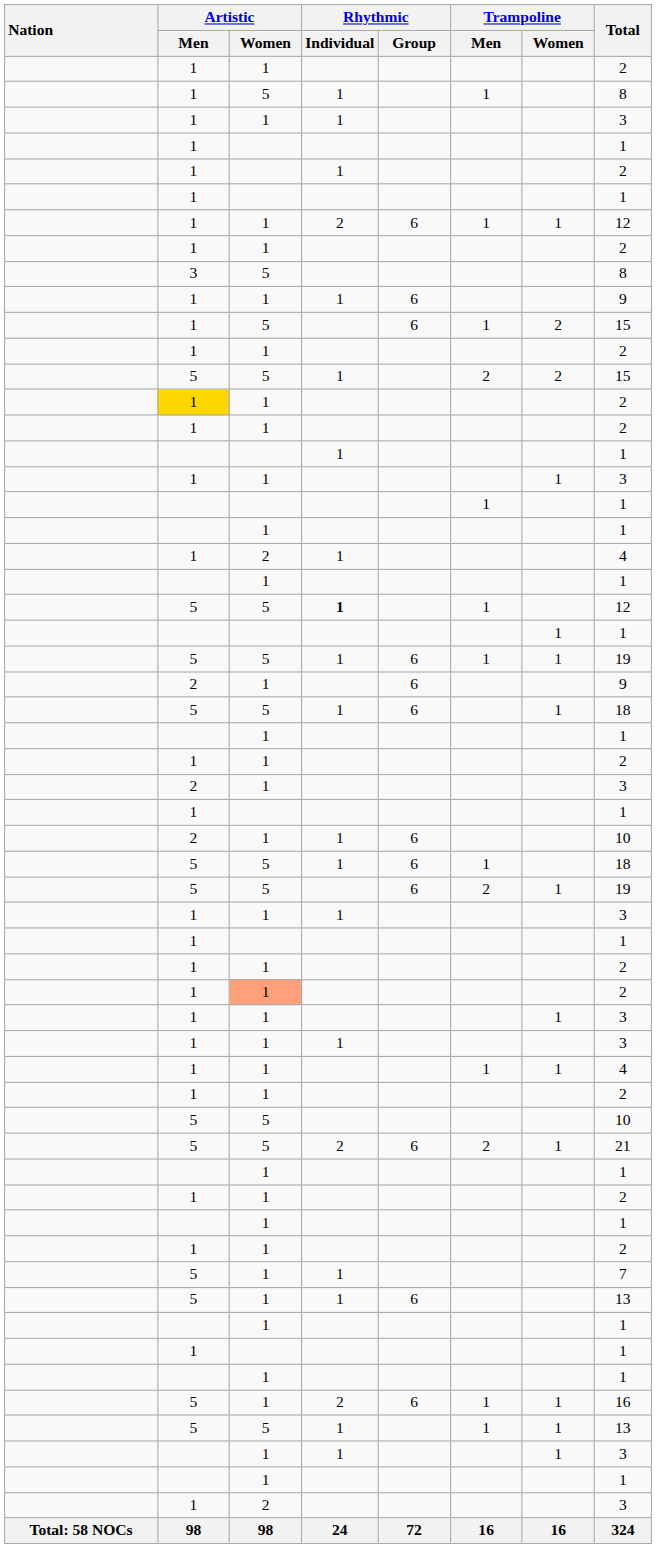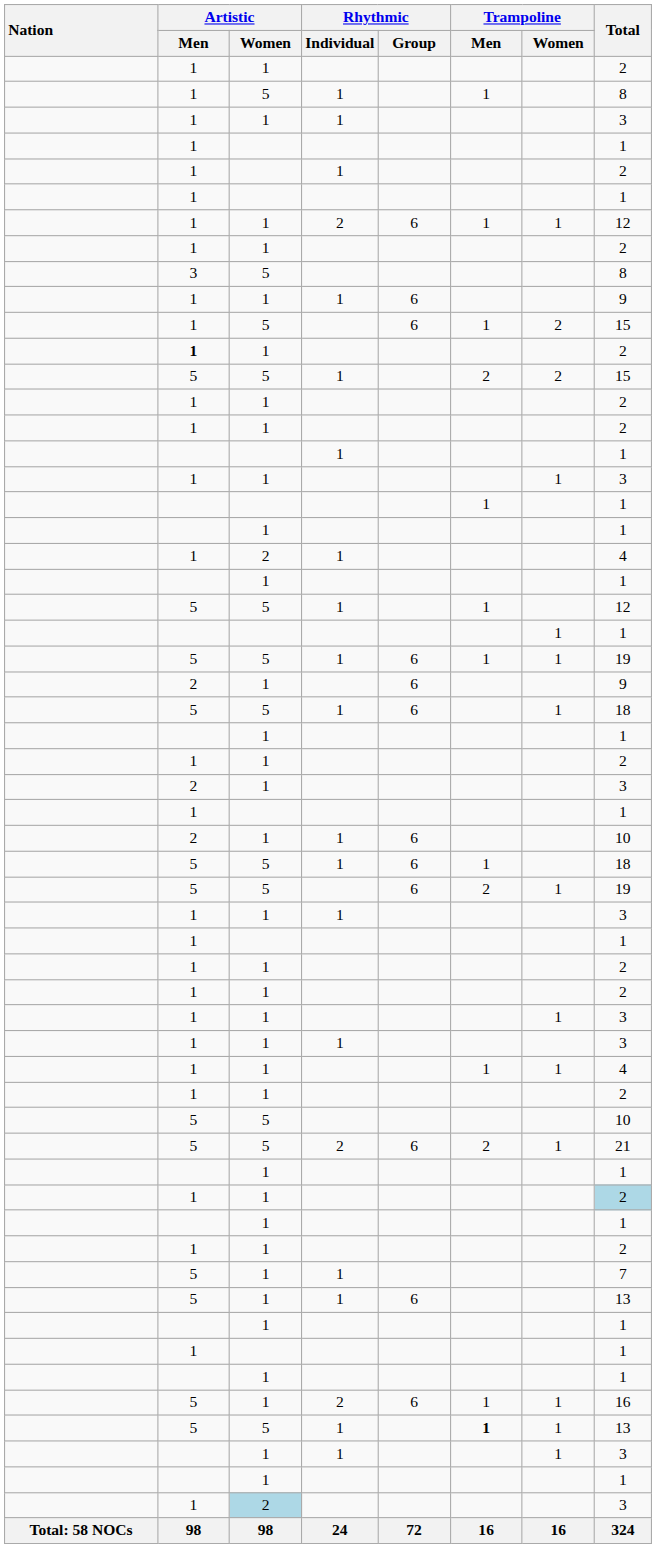 <table class="wikitable"  style="width:600px; text-align:center; font-size:90%;">
 <tr>
 <th rowspan="2" style="text-align:left;">Nation</th>
 <th colspan="2"><a href='#'>Artistic</a></th>
 <th colspan="2"><a href='#'>Rhythmic</a></th>
 <th colspan=2><a href='#'>Trampoline</a></th>
 <th rowspan="2">Total</th>
 </tr>
 <tr>
 <th width=60>Men</th>
 <th width=60>Women</th>
 <th width=60>Individual</th>
 <th width=60>Group</th>
 <th width=60>Men</th>
 <th width=60>Women</th>
 </tr>
 <tr>
 <td align=left></td>
 <td>1</td>
 <td>1</td>
 <td></td>
 <td></td>
 <td></td>
 <td></td>
 <td>2</td>
 </tr>
 <tr>
 <td align=left></td>
 <td>1</td>
 <td>5</td>
 <td>1</td>
 <td></td>
 <td>1</td>
 <td></td>
 <td>8</td>
 </tr>
 <tr>
 <td align=left></td>
 <td>1</td>
 <td>1</td>
 <td>1</td>
 <td></td>
 <td></td>
 <td></td>
 <td>3</td>
 </tr>
 <tr>
 <td align=left></td>
 <td>1</td>
 <td></td>
 <td></td>
 <td></td>
 <td></td>
 <td></td>
 <td>1</td>
 </tr>
 <tr>
 <td align=left></td>
 <td>1</td>
 <td></td>
 <td>1</td>
 <td></td>
 <td></td>
 <td></td>
 <td>2</td>
 </tr>
 <tr>
 <td align=left></td>
 <td>1</td>
 <td></td>
 <td></td>
 <td></td>
 <td></td>
 <td></td>
 <td>1</td>
 </tr>
 <tr>
 <td align=left></td>
 <td>1</td>
 <td>1</td>
 <td>2</td>
 <td>6</td>
 <td>1</td>
 <td>1</td>
 <td>12</td>
 </tr>
 <tr>
 <td align=left></td>
 <td>1</td>
 <td>1</td>
 <td></td>
 <td></td>
 <td></td>
 <td></td>
 <td>2</td>
 </tr>
 <tr>
 <td align=left></td>
 <td>3</td>
 <td>5</td>
 <td></td>
 <td></td>
 <td></td>
 <td></td>
 <td>8</td>
 </tr>
 <tr>
 <td align=left></td>
 <td>1</td>
 <td>1</td>
 <td>1</td>
 <td>6</td>
 <td></td>
 <td></td>
 <td>9</td>
 </tr>
 <tr>
 <td align=left></td>
 <td>1</td>
 <td>5</td>
 <td></td>
 <td>6</td>
 <td>1</td>
 <td>2</td>
 <td>15</td>
 </tr>
 <tr>
 <td align=left></td>
-<td>1</td>
+<td><strong>1</strong></td>
 <td>1</td>
 <td></td>
 <td></td>
 <td></td>
 <td></td>
 <td>2</td>
 </tr>
 <tr>
 <td align=left></td>
 <td>5</td>
 <td>5</td>
 <td>1</td>
 <td></td>
 <td>2</td>
 <td>2</td>
 <td>15</td>
 </tr>
 <tr>
 <td align=left></td>
-<td style="background: gold;">1</td>
+<td>1</td>
 <td>1</td>
 <td></td>
 <td></td>
 <td></td>
 <td></td>
 <td>2</td>
 </tr>
 <tr>
 <td align=left></td>
 <td>1</td>
 <td>1</td>
 <td></td>
 <td></td>
 <td></td>
 <td></td>
 <td>2</td>
 </tr>
 <tr>
 <td align=left></td>
 <td></td>
 <td></td>
 <td>1</td>
 <td></td>
 <td></td>
 <td></td>
 <td>1</td>
 </tr>
 <tr>
 <td align=left></td>
 <td>1</td>
 <td>1</td>
 <td></td>
 <td></td>
 <td></td>
 <td>1</td>
 <td>3</td>
 </tr>
 <tr>
 <td align=left></td>
 <td></td>
 <td></td>
 <td></td>
 <td></td>
 <td>1</td>
 <td></td>
 <td>1</td>
 </tr>
 <tr>
 <td align=left></td>
 <td></td>
 <td>1</td>
 <td></td>
 <td></td>
 <td></td>
 <td></td>
 <td>1</td>
 </tr>
 <tr>
 <td align=left></td>
 <td>1</td>
 <td>2</td>
 <td>1</td>
 <td></td>
 <td></td>
 <td></td>
 <td>4</td>
 </tr>
 <tr>
 <td align=left></td>
 <td></td>
 <td>1</td>
 <td></td>
 <td></td>
 <td></td>
 <td></td>
 <td>1</td>
 </tr>
 <tr>
 <td align=left></td>
 <td>5</td>
 <td>5</td>
-<td><strong>1</strong></td>
+<td>1</td>
 <td></td>
 <td>1</td>
 <td></td>
 <td>12</td>
 </tr>
 <tr>
 <td align=left></td>
 <td></td>
 <td></td>
 <td></td>
 <td></td>
 <td></td>
 <td>1</td>
 <td>1</td>
 </tr>
 <tr>
 <td align=left></td>
 <td>5</td>
 <td>5</td>
 <td>1</td>
 <td>6</td>
 <td>1</td>
 <td>1</td>
 <td>19</td>
 </tr>
 <tr>
 <td align=left></td>
 <td>2</td>
 <td>1</td>
 <td></td>
 <td>6</td>
 <td></td>
 <td></td>
 <td>9</td>
 </tr>
 <tr>
 <td align=left></td>
 <td>5</td>
 <td>5</td>
 <td>1</td>
 <td>6</td>
 <td></td>
 <td>1</td>
 <td>18</td>
 </tr>
 <tr>
 <td align=left></td>
 <td></td>
 <td>1</td>
 <td></td>
 <td></td>
 <td></td>
 <td></td>
 <td>1</td>
 </tr>
 <tr>
 <td align=left></td>
 <td>1</td>
 <td>1</td>
 <td></td>
 <td></td>
 <td></td>
 <td></td>
 <td>2</td>
 </tr>
 <tr>
 <td align=left></td>
 <td>2</td>
 <td>1</td>
 <td></td>
 <td></td>
 <td></td>
 <td></td>
 <td>3</td>
 </tr>
 <tr>
 <td align=left></td>
 <td>1</td>
 <td></td>
 <td></td>
 <td></td>
 <td></td>
 <td></td>
 <td>1</td>
 </tr>
 <tr>
 <td align=left></td>
 <td>2</td>
 <td>1</td>
 <td>1</td>
 <td>6</td>
 <td></td>
 <td></td>
 <td>10</td>
 </tr>
 <tr>
 <td align=left></td>
 <td>5</td>
 <td>5</td>
 <td>1</td>
 <td>6</td>
 <td>1</td>
 <td></td>
 <td>18</td>
 </tr>
 <tr>
 <td align=left></td>
 <td>5</td>
 <td>5</td>
 <td></td>
 <td>6</td>
 <td>2</td>
 <td>1</td>
 <td>19</td>
 </tr>
 <tr>
 <td align=left></td>
 <td>1</td>
 <td>1</td>
 <td>1</td>
 <td></td>
 <td></td>
 <td></td>
 <td>3</td>
 </tr>
 <tr>
 <td align=left></td>
 <td>1</td>
 <td></td>
 <td></td>
 <td></td>
 <td></td>
 <td></td>
 <td>1</td>
 </tr>
 <tr>
 <td align=left></td>
 <td>1</td>
 <td>1</td>
 <td></td>
 <td></td>
 <td></td>
 <td></td>
 <td>2</td>
 </tr>
 <tr>
 <td align=left></td>
 <td>1</td>
-<td style="background: lightsalmon;">1</td>
+<td>1</td>
 <td></td>
 <td></td>
 <td></td>
 <td></td>
 <td>2</td>
 </tr>
 <tr>
 <td align=left></td>
 <td>1</td>
 <td>1</td>
 <td></td>
 <td></td>
 <td></td>
 <td>1</td>
 <td>3</td>
 </tr>
 <tr>
 <td align=left></td>
 <td>1</td>
 <td>1</td>
 <td>1</td>
 <td></td>
 <td></td>
 <td></td>
 <td>3</td>
 </tr>
 <tr>
 <td align=left></td>
 <td>1</td>
 <td>1</td>
 <td></td>
 <td></td>
 <td>1</td>
 <td>1</td>
 <td>4</td>
 </tr>
 <tr>
 <td align=left></td>
 <td>1</td>
 <td>1</td>
 <td></td>
 <td></td>
 <td></td>
 <td></td>
 <td>2</td>
 </tr>
 <tr>
 <td align=left></td>
 <td>5</td>
 <td>5</td>
 <td></td>
 <td></td>
 <td></td>
 <td></td>
 <td>10</td>
 </tr>
 <tr>
 <td align=left></td>
 <td>5</td>
 <td>5</td>
 <td>2</td>
 <td>6</td>
 <td>2</td>
 <td>1</td>
 <td>21</td>
 </tr>
 <tr>
 <td align=left></td>
 <td></td>
 <td>1</td>
 <td></td>
 <td></td>
 <td></td>
 <td></td>
 <td>1</td>
 </tr>
 <tr>
 <td align=left></td>
 <td>1</td>
 <td>1</td>
 <td></td>
 <td></td>
 <td></td>
 <td></td>
-<td>2</td>
+<td style="background: lightblue;">2</td>
 </tr>
 <tr>
 <td align=left></td>
 <td></td>
 <td>1</td>
 <td></td>
 <td></td>
 <td></td>
 <td></td>
 <td>1</td>
 </tr>
 <tr>
 <td align=left></td>
 <td>1</td>
 <td>1</td>
 <td></td>
 <td></td>
 <td></td>
 <td></td>
 <td>2</td>
 </tr>
 <tr>
 <td align=left></td>
 <td>5</td>
 <td>1</td>
 <td>1</td>
 <td></td>
 <td></td>
 <td></td>
 <td>7</td>
 </tr>
 <tr>
 <td align=left></td>
 <td>5</td>
 <td>1</td>
 <td>1</td>
 <td>6</td>
 <td></td>
 <td></td>
 <td>13</td>
 </tr>
 <tr>
 <td align=left></td>
 <td></td>
 <td>1</td>
 <td></td>
 <td></td>
 <td></td>
 <td></td>
 <td>1</td>
 </tr>
 <tr>
 <td align=left></td>
 <td>1</td>
 <td></td>
 <td></td>
 <td></td>
 <td></td>
 <td></td>
 <td>1</td>
 </tr>
 <tr>
 <td align=left></td>
 <td></td>
 <td>1</td>
 <td></td>
 <td></td>
 <td></td>
 <td></td>
 <td>1</td>
 </tr>
 <tr>
 <td align=left></td>
 <td>5</td>
 <td>1</td>
 <td>2</td>
 <td>6</td>
 <td>1</td>
 <td>1</td>
 <td>16</td>
 </tr>
 <tr>
 <td align=left></td>
 <td>5</td>
 <td>5</td>
 <td>1</td>
 <td></td>
-<td>1</td>
+<td><strong>1</strong></td>
 <td>1</td>
 <td>13</td>
 </tr>
 <tr>
 <td align=left></td>
 <td></td>
 <td>1</td>
 <td>1</td>
 <td></td>
 <td></td>
 <td>1</td>
 <td>3</td>
 </tr>
 <tr>
 <td align=left></td>
 <td></td>
 <td>1</td>
 <td></td>
 <td></td>
 <td></td>
 <td></td>
 <td>1</td>
 </tr>
 <tr>
 <td align=left></td>
 <td>1</td>
-<td>2</td>
+<td style="background: lightblue;">2</td>
 <td></td>
 <td></td>
 <td></td>
 <td></td>
 <td>3</td>
 </tr>
 <tr>
 <th>Total: 58 NOCs</th>
 <th>98</th>
 <th>98</th>
 <th>24</th>
 <th>72</th>
 <th>16</th>
 <th>16</th>
 <th>324</th>
 </tr>
 </table>
